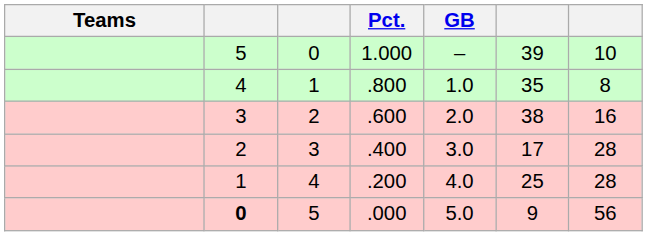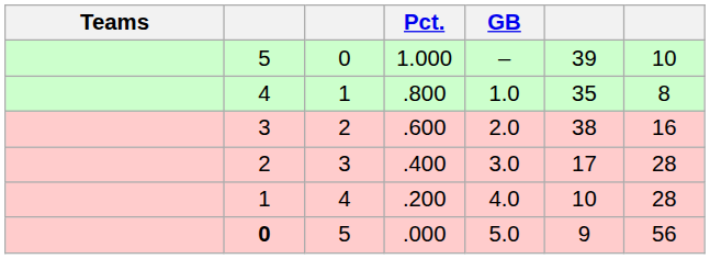 <table class="wikitable" style="text-align:center;">
 <tr>
 <th width=150px>Teams</th>
 <th width=50px></th>
 <th width=50px></th>
 <th width=50px><a href='#'>Pct.</a></th>
 <th width=50px><a href='#'>GB</a></th>
 <th width=50px></th>
 <th width=50px></th>
 </tr>
 <tr style="background-color:#cfc">
 <td align=left></td>
 <td>5</td>
 <td>0</td>
 <td>1.000</td>
 <td>–</td>
 <td>39</td>
 <td>10</td>
 </tr>
 <tr style="background-color:#cfc">
 <td align=left></td>
 <td>4</td>
 <td>1</td>
 <td>.800</td>
 <td>1.0</td>
 <td>35</td>
 <td>8</td>
 </tr>
 <tr style="background-color:#fcc">
 <td align=left></td>
 <td>3</td>
 <td>2</td>
 <td>.600</td>
 <td>2.0</td>
 <td>38</td>
 <td>16</td>
 </tr>
 <tr style="background-color:#fcc">
 <td align=left></td>
 <td>2</td>
 <td>3</td>
 <td>.400</td>
 <td>3.0</td>
 <td>17</td>
 <td>28</td>
 </tr>
 <tr style="background-color:#fcc">
 <td align=left></td>
 <td>1</td>
 <td>4</td>
 <td>.200</td>
 <td>4.0</td>
-<td>25</td>
+<td>10</td>
 <td>28</td>
 </tr>
 <tr style="background-color:#fcc">
 <td align=left></td>
 <td><strong>0</strong></td>
 <td>5</td>
 <td>.000</td>
 <td>5.0</td>
 <td>9</td>
 <td>56</td>
 </tr>
 </table>
